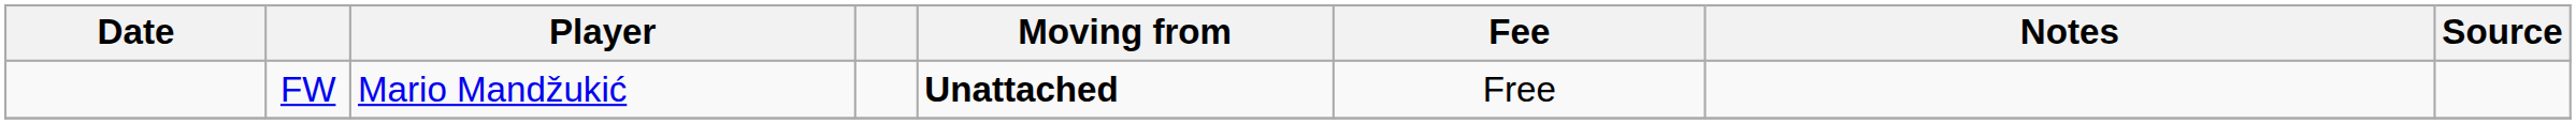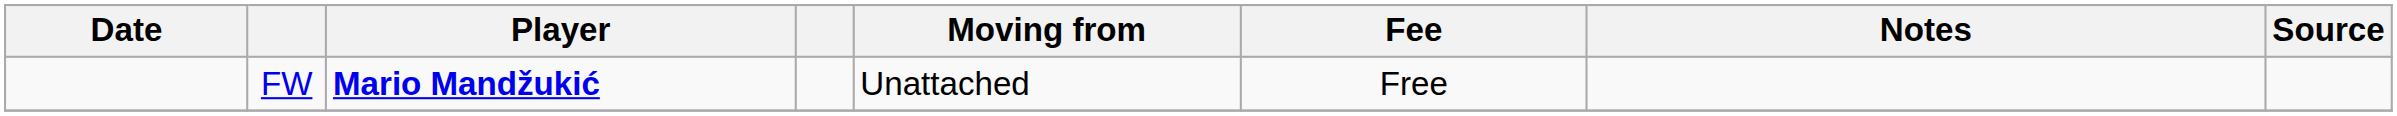 <table class="wikitable sortable">
 <tr>
 <th style="width:110px">Date</th>
 <th style="width:30px"></th>
 <th style="width:220px">Player</th>
 <th style="width:20px"></th>
 <th style="width:180px">Moving from</th>
 <th style="width:160px">Fee</th>
 <th style="width:320px" class="unsortable">Notes</th>
 <th style="width:35px">Source</th>
 </tr>
 <tr>
 <td></td>
 <td style="text-align:center"><a href='#'>FW</a></td>
-<td> <a href='#'>Mario Mandžukić</a></td>
+<td><strong> <a href='#'>Mario Mandžukić</a></strong></td>
 <td style="text-align:center"></td>
-<td><strong>Unattached</strong></td>
+<td>Unattached</td>
 <td style="text-align:center">Free</td>
 <td style="text-align:center"></td>
 <td></td>
 </tr>
 <tr>
 </tr>
 </table>
